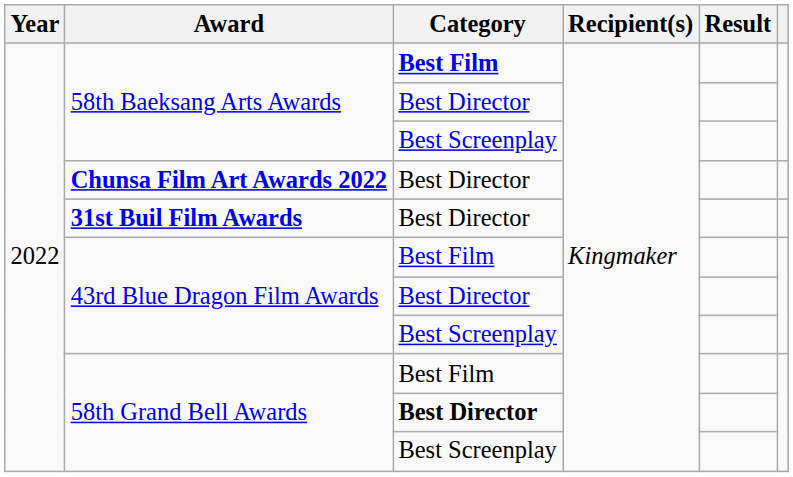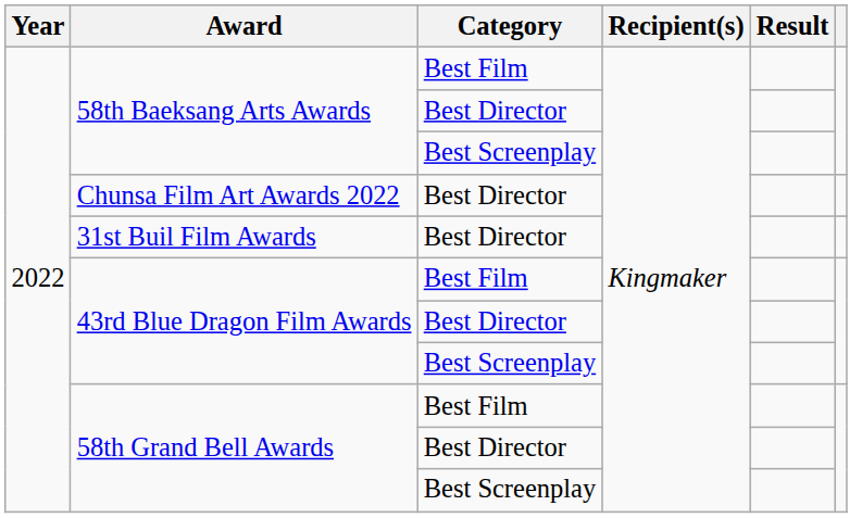 <table class="wikitable plainrowheaders sortable">
 <tr>
 <th scope="col">Year</th>
 <th scope="col">Award</th>
 <th scope="col">Category</th>
 <th scope="col">Recipient(s)</th>
 <th scope="col">Result</th>
 <th scope="col" class="unsortable"></th>
 </tr>
 <tr>
 <td rowspan="11">2022</td>
 <td rowspan="3" scope="row"><a href='#'>58th Baeksang Arts Awards</a></td>
-<td><strong><a href='#'>Best Film</a></strong></td>
+<td><a href='#'>Best Film</a></td>
 <td rowspan="11"><em>Kingmaker</em></td>
 <td></td>
 <td rowspan="3"></td>
 </tr>
 <tr>
 <td><a href='#'>Best Director</a></td>
 <td></td>
 </tr>
 <tr>
 <td><a href='#'>Best Screenplay</a></td>
 <td></td>
 </tr>
 <tr>
-<td><strong><a href='#'>Chunsa Film Art Awards 2022</a></strong></td>
+<td><a href='#'>Chunsa Film Art Awards 2022</a></td>
 <td>Best Director</td>
 <td></td>
 <td style="text-align:center"></td>
 </tr>
 <tr>
-<td><strong><a href='#'>31st Buil Film Awards</a></strong></td>
+<td><a href='#'>31st Buil Film Awards</a></td>
 <td>Best Director</td>
 <td></td>
 <td style="text-align:center"></td>
 </tr>
 <tr>
 <td rowspan="3" scope="row"><a href='#'>43rd Blue Dragon Film Awards</a></td>
 <td><a href='#'>Best Film</a></td>
 <td></td>
 <td rowspan="3" style="text-align: center;"></td>
 </tr>
 <tr>
 <td><a href='#'>Best Director</a></td>
 <td></td>
 </tr>
 <tr>
 <td><a href='#'>Best Screenplay</a></td>
 <td></td>
 </tr>
 <tr>
 <td rowspan="3" scope="row"><a href='#'>58th Grand Bell Awards</a></td>
 <td>Best Film</td>
 <td></td>
 <td rowspan="3" style="text-align: center;"></td>
 </tr>
 <tr>
-<td><strong>Best Director</strong></td>
+<td>Best Director</td>
 <td></td>
 </tr>
 <tr>
 <td>Best Screenplay</td>
 <td></td>
 </tr>
 </table>
